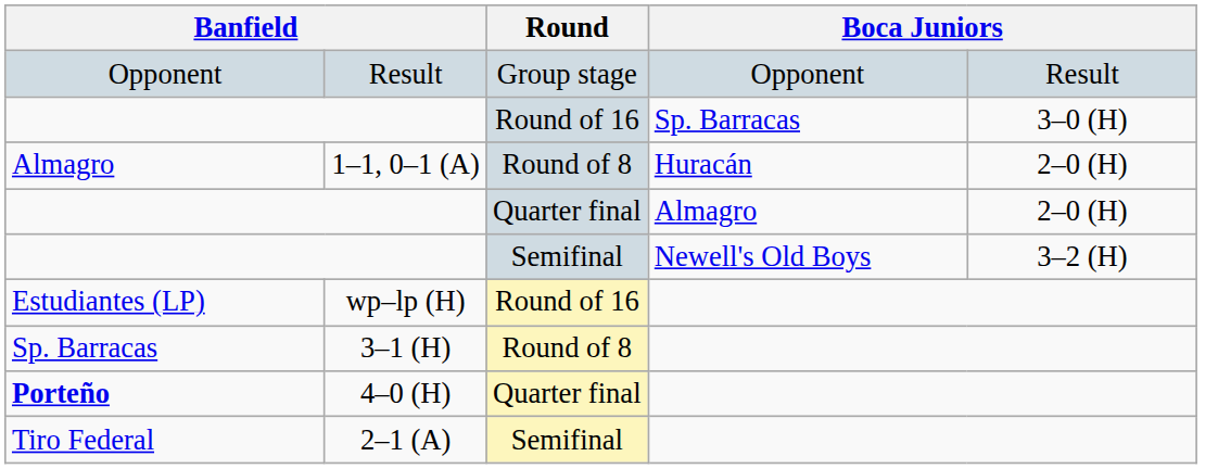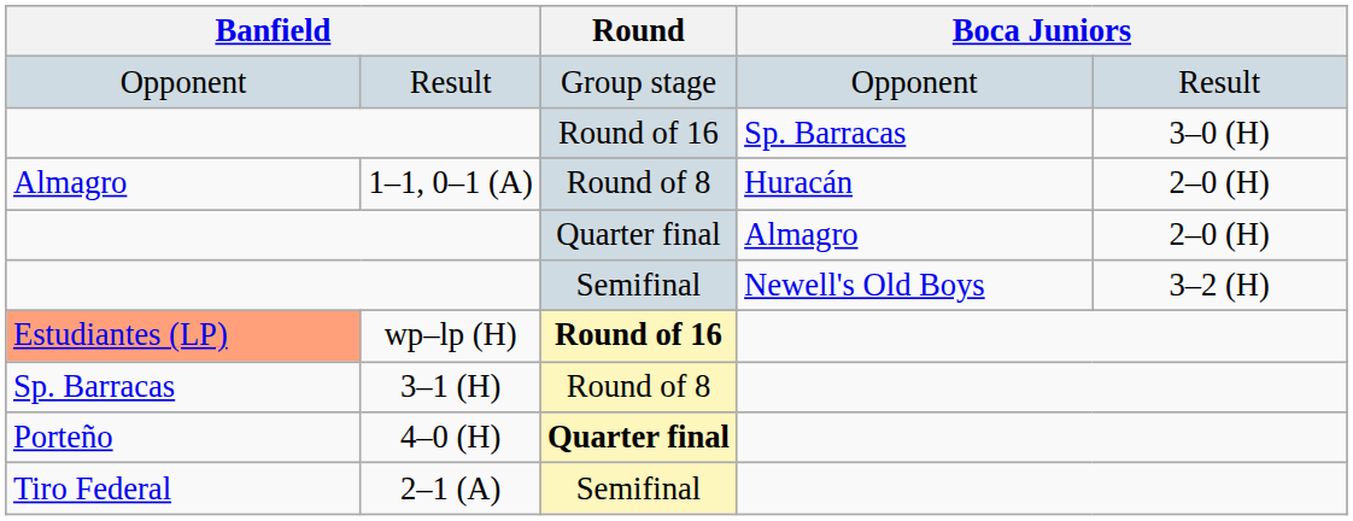 <table class="wikitable" style="text-align:center;">
 <tr>
 <th colspan=3 width=200px><a href='#'>Banfield</a></th>
 <th>Round</th>
 <th colspan=3 width=200px><a href='#'>Boca Juniors</a></th>
 </tr>
 <tr bgcolor= #CFDBE2>
 <td width=170px>Opponent</td>
 <td colspan=2>Result</td>
 <td>Group stage</td>
 <td width=170px>Opponent</td>
 <td colspan=2 width=120px>Result</td>
 </tr>
 <tr>
 <td colspan=3></td>
 <td bgcolor= #CFDBE2>Round of 16</td>
 <td align=left><a href='#'>Sp. Barracas</a></td>
 <td colspan=2>3–0 (H)</td>
 </tr>
 <tr>
 <td align=left><a href='#'>Almagro</a></td>
 <td colspan=2>1–1, 0–1 (A) </td>
 <td bgcolor= #CFDBE2>Round of 8</td>
 <td align=left><a href='#'>Huracán</a></td>
 <td colspan=2>2–0 (H)</td>
 </tr>
 <tr>
 <td colspan=3></td>
 <td bgcolor= #CFDBE2>Quarter final</td>
 <td align=left><a href='#'>Almagro</a></td>
 <td colspan=2>2–0 (H)</td>
 </tr>
 <tr>
 <td colspan=3></td>
 <td bgcolor= #CFDBE2>Semifinal</td>
 <td align=left><a href='#'>Newell's Old Boys</a></td>
 <td colspan=2>3–2 (H) </td>
 </tr>
 <tr>
-<td align=left><a href='#'>Estudiantes (LP)</a> </td>
+<td align=left style="background: lightsalmon;"><a href='#'>Estudiantes (LP)</a> </td>
 <td colspan=2>wp–lp (H) </td>
-<td bgcolor= #fdf6bd>Round of 16 </td>
+<td bgcolor= #fdf6bd><strong>Round of 16 </strong></td>
 <td colspan=3></td>
 </tr>
 <tr>
 <td align=left><a href='#'>Sp. Barracas</a></td>
 <td colspan=2>3–1 (H)</td>
 <td bgcolor= #fdf6bd>Round of 8</td>
 <td colspan=3></td>
 </tr>
 <tr>
-<td align=left><strong><a href='#'>Porteño</a></strong></td>
+<td align=left><a href='#'>Porteño</a></td>
 <td colspan=2>4–0 (H)</td>
-<td bgcolor= #fdf6bd>Quarter final</td>
+<td bgcolor= #fdf6bd><strong>Quarter final</strong></td>
 <td colspan=3></td>
 </tr>
 <tr>
 <td align=left><a href='#'>Tiro Federal</a></td>
 <td colspan=2>2–1 (A)</td>
 <td bgcolor= #fdf6bd>Semifinal</td>
 <td colspan=3></td>
 </tr>
 </table>
